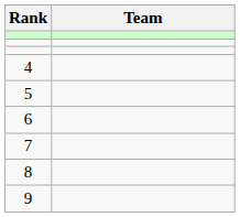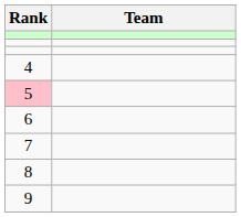 <table class="wikitable" style="text-align: center">
 <tr>
 <th>Rank</th>
 <th width=170>Team</th>
 </tr>
 <tr bgcolor="#ccffcc">
 <td></td>
 <td align=left></td>
 </tr>
 <tr>
 <td></td>
 <td align=left></td>
 </tr>
 <tr>
 <td></td>
 <td align=left></td>
 </tr>
 <tr>
 <td>4</td>
 <td align=left></td>
 </tr>
 <tr>
-<td>5</td>
+<td style="background: pink;">5</td>
 <td align=left></td>
 </tr>
 <tr>
 <td>6</td>
 <td align=left></td>
 </tr>
 <tr>
 <td>7</td>
 <td align=left></td>
 </tr>
 <tr>
 <td>8</td>
 <td align=left></td>
 </tr>
 <tr>
 <td>9</td>
 <td align=left></td>
 </tr>
 </table>
